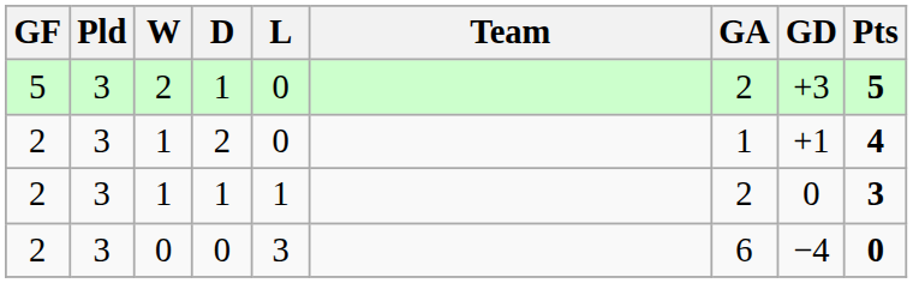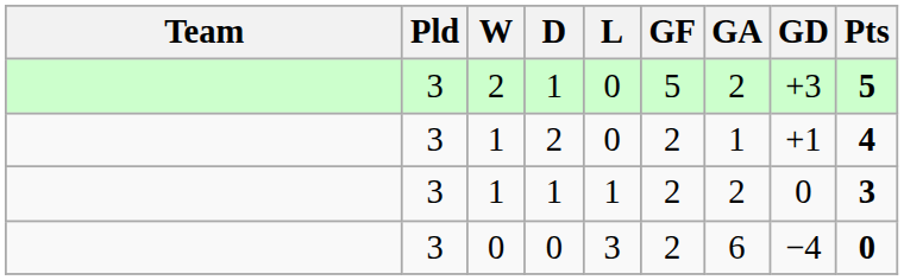 <table class="wikitable" style="text-align:center;">
 <tr>
-<th width=20>GF</th>
+<th width=180>Team</th>
 <th width=20>Pld</th>
 <th width=20>W</th>
 <th width=20>D</th>
 <th width=20>L</th>
-<th width=180>Team</th>
+<th width=20>GF</th>
 <th width=20>GA</th>
 <th width=20>GD</th>
 <th width=20>Pts</th>
 </tr>
 <tr bgcolor="ccffcc">
-<td>5</td>
+<td align="left"></td>
 <td>3</td>
 <td>2</td>
 <td>1</td>
 <td>0</td>
-<td align="left"></td>
+<td>5</td>
 <td>2</td>
 <td>+3</td>
 <td><strong>5</strong></td>
 </tr>
 <tr>
-<td>2</td>
+<td align="left"></td>
 <td>3</td>
 <td>1</td>
 <td>2</td>
 <td>0</td>
-<td align="left"></td>
+<td>2</td>
 <td>1</td>
 <td>+1</td>
 <td><strong>4</strong></td>
 </tr>
 <tr>
-<td>2</td>
+<td align="left"></td>
 <td>3</td>
 <td>1</td>
 <td>1</td>
 <td>1</td>
-<td align="left"></td>
+<td>2</td>
 <td>2</td>
 <td>0</td>
 <td><strong>3</strong></td>
 </tr>
 <tr>
-<td>2</td>
+<td align="left"></td>
 <td>3</td>
 <td>0</td>
 <td>0</td>
 <td>3</td>
-<td align="left"></td>
+<td>2</td>
 <td>6</td>
 <td>−4</td>
 <td><strong>0</strong></td>
 </tr>
 </table>
